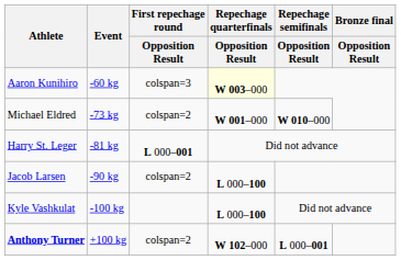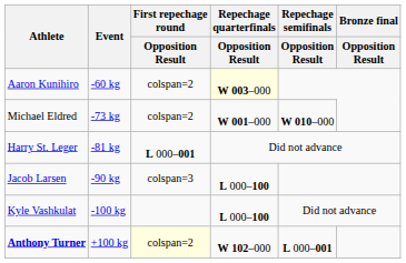 <table class="wikitable" style="font-size:90%">
 <tr>
 <th rowspan="2">Athlete</th>
 <th rowspan="2">Event</th>
 <th>First repechage <br>round</th>
 <th>Repechage <br>quarterfinals</th>
 <th>Repechage <br>semifinals</th>
 <th>Bronze final</th>
 </tr>
 <tr>
 <th>Opposition<br>Result</th>
 <th>Opposition<br>Result</th>
 <th>Opposition<br>Result</th>
 <th>Opposition<br>Result</th>
 </tr>
 <tr align=center>
 <td align=left><a href='#'>Aaron Kunihiro</a></td>
 <td align=left><a href='#'>-60 kg</a></td>
-<td>colspan=3 </td>
+<td>colspan=2 </td>
 <td style="background: lightyellow;"><br><strong>W</strong> <strong>003</strong>–000 </td>
 </tr>
 <tr align=center>
 <td align=left>Michael Eldred</td>
 <td align=left><a href='#'>-73 kg</a></td>
 <td>colspan=2 </td>
 <td><br><strong>W</strong> <strong>001</strong>–000</td>
 <td><br><strong>W</strong> <strong>010</strong>–000 </td>
 </tr>
 <tr align=center>
 <td align=left><a href='#'>Harry St. Leger</a></td>
 <td align=left><a href='#'>-81 kg</a></td>
 <td><br><strong>L</strong> 000–<strong>001</strong></td>
 <td colspan=3>Did not advance</td>
 </tr>
 <tr align=center>
 <td align=left><a href='#'>Jacob Larsen</a></td>
 <td align=left><a href='#'>-90 kg</a></td>
-<td>colspan=2 </td>
+<td>colspan=3 </td>
 <td><br><strong>L</strong> 000–<strong>100</strong></td>
 </tr>
 <tr align=center>
 <td align=left><a href='#'>Kyle Vashkulat</a></td>
 <td align=left><a href='#'>-100 kg</a></td>
 <td></td>
 <td><br><strong>L</strong> 000–<strong>100</strong></td>
 <td colspan=2>Did not advance</td>
 </tr>
 <tr align=center>
 <td align=left><strong><a href='#'>Anthony Turner</a></strong></td>
 <td align=left><a href='#'>+100 kg</a></td>
-<td>colspan=2 </td>
+<td style="background: lightyellow;">colspan=2 </td>
 <td><br><strong>W</strong> <strong>102</strong>–000</td>
 <td><br><strong>L</strong> 000–<strong>001</strong></td>
 </tr>
 </table>
